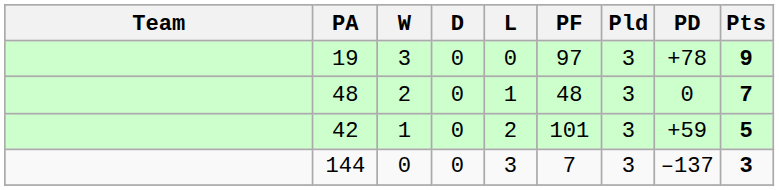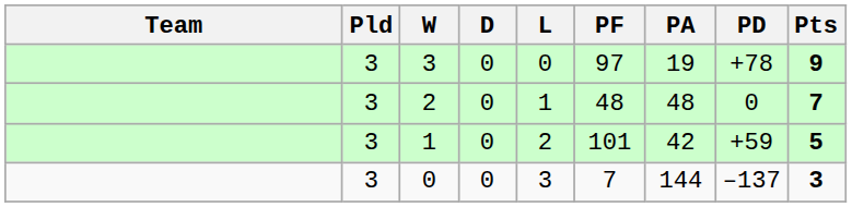 <table class="wikitable" style="text-align:center;">
 <tr>
 <th width=175>Team</th>
-<th width=32 abbr="Points against">PA</th>
+<th width=25 abbr="Played">Pld</th>
 <th width=25 abbr="Won">W</th>
 <th width=25 abbr="Drawn">D</th>
 <th width=25 abbr="Lost">L</th>
 <th width=32 abbr="Points for">PF</th>
-<th width=25 abbr="Played">Pld</th>
+<th width=32 abbr="Points against">PA</th>
 <th width=32 abbr="Points difference">PD</th>
 <th width=25 abbr="Points">Pts</th>
 </tr>
 <tr bgcolor=ccffcc>
 <td align=left></td>
-<td>19</td>
+<td>3</td>
 <td>3</td>
 <td>0</td>
 <td>0</td>
 <td>97</td>
-<td>3</td>
+<td>19</td>
 <td>+78</td>
 <td><strong>9</strong></td>
 </tr>
 <tr bgcolor=ccffcc>
 <td align=left></td>
-<td>48</td>
+<td>3</td>
 <td>2</td>
 <td>0</td>
 <td>1</td>
 <td>48</td>
-<td>3</td>
+<td>48</td>
 <td>0</td>
 <td><strong>7</strong></td>
 </tr>
 <tr bgcolor=ccffcc>
 <td align=left></td>
-<td>42</td>
+<td>3</td>
 <td>1</td>
 <td>0</td>
 <td>2</td>
 <td>101</td>
-<td>3</td>
+<td>42</td>
 <td>+59</td>
 <td><strong>5</strong></td>
 </tr>
 <tr>
 <td align=left></td>
-<td>144</td>
+<td>3</td>
 <td>0</td>
 <td>0</td>
 <td>3</td>
 <td>7</td>
-<td>3</td>
+<td>144</td>
 <td>–137</td>
 <td><strong>3</strong></td>
 </tr>
 </table>
